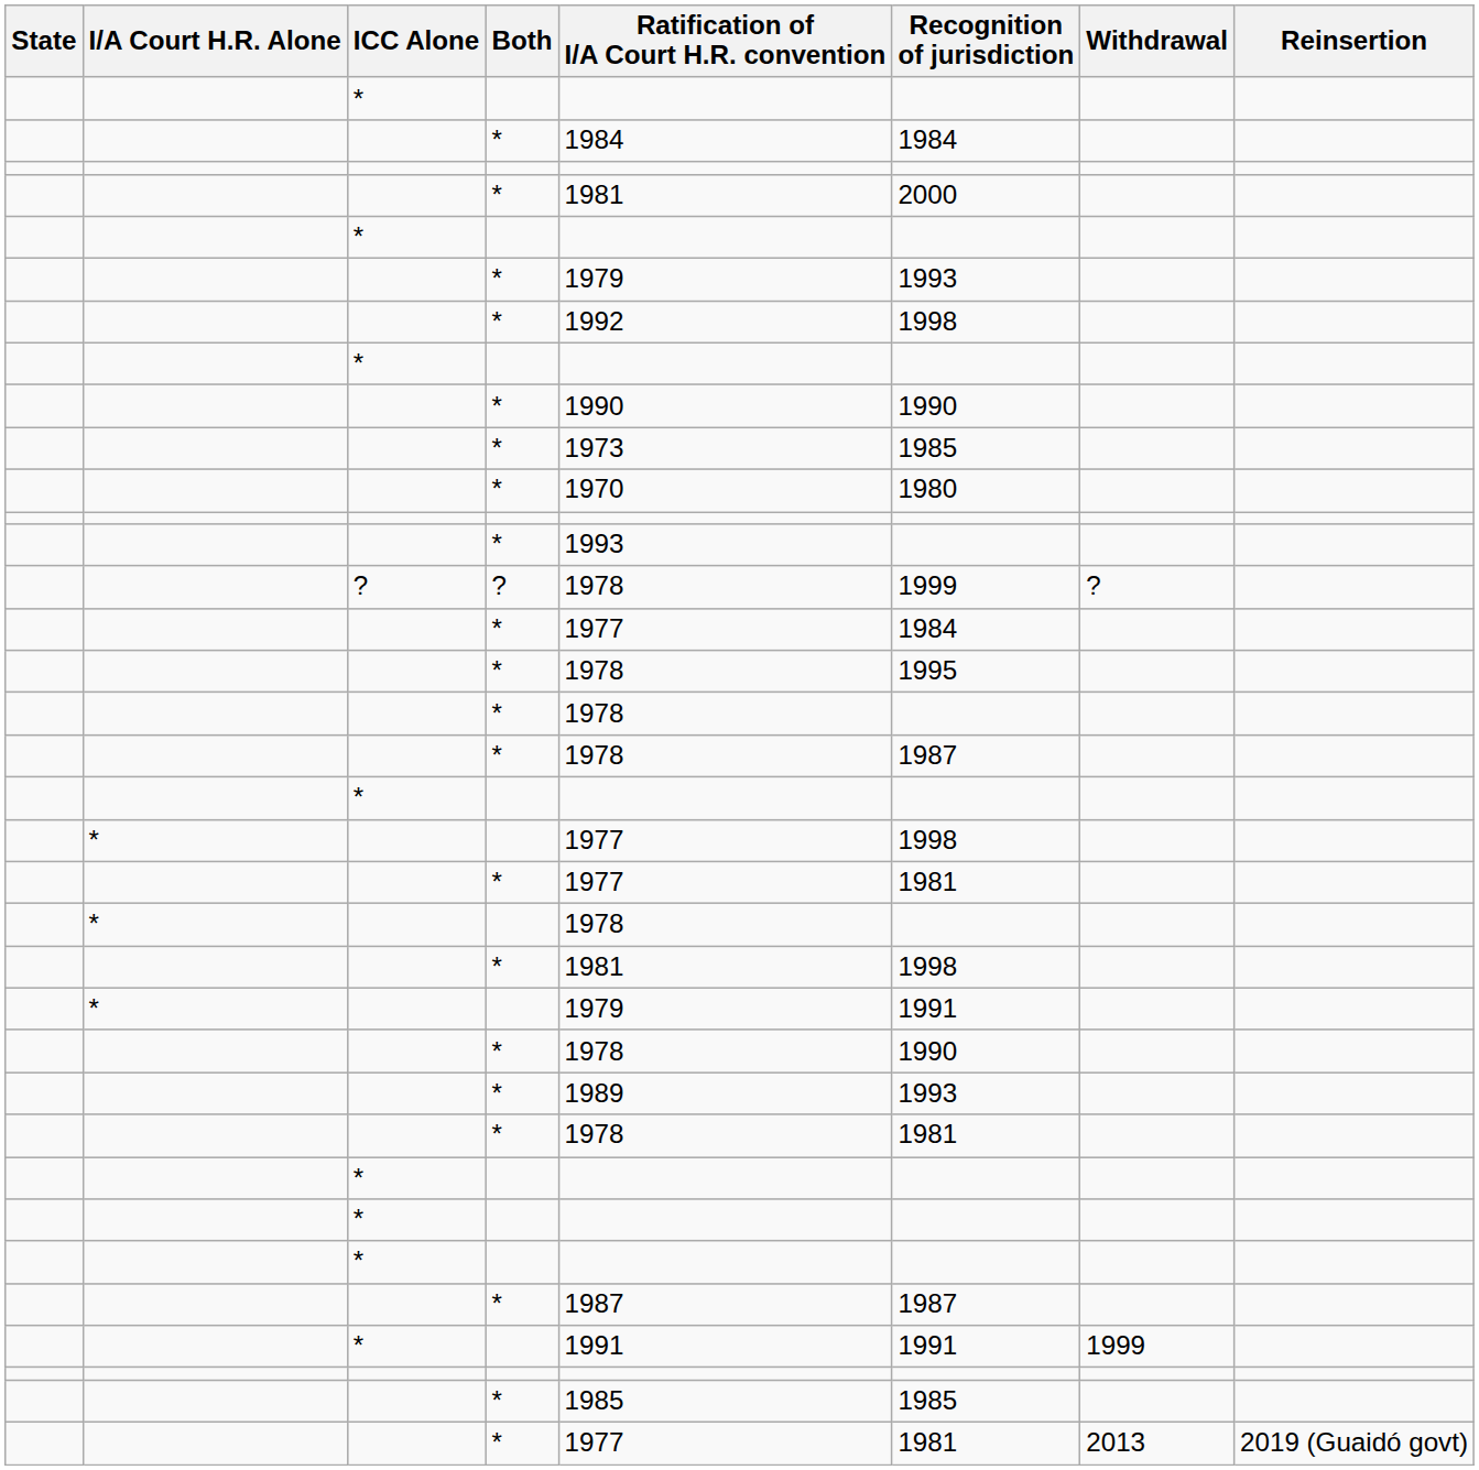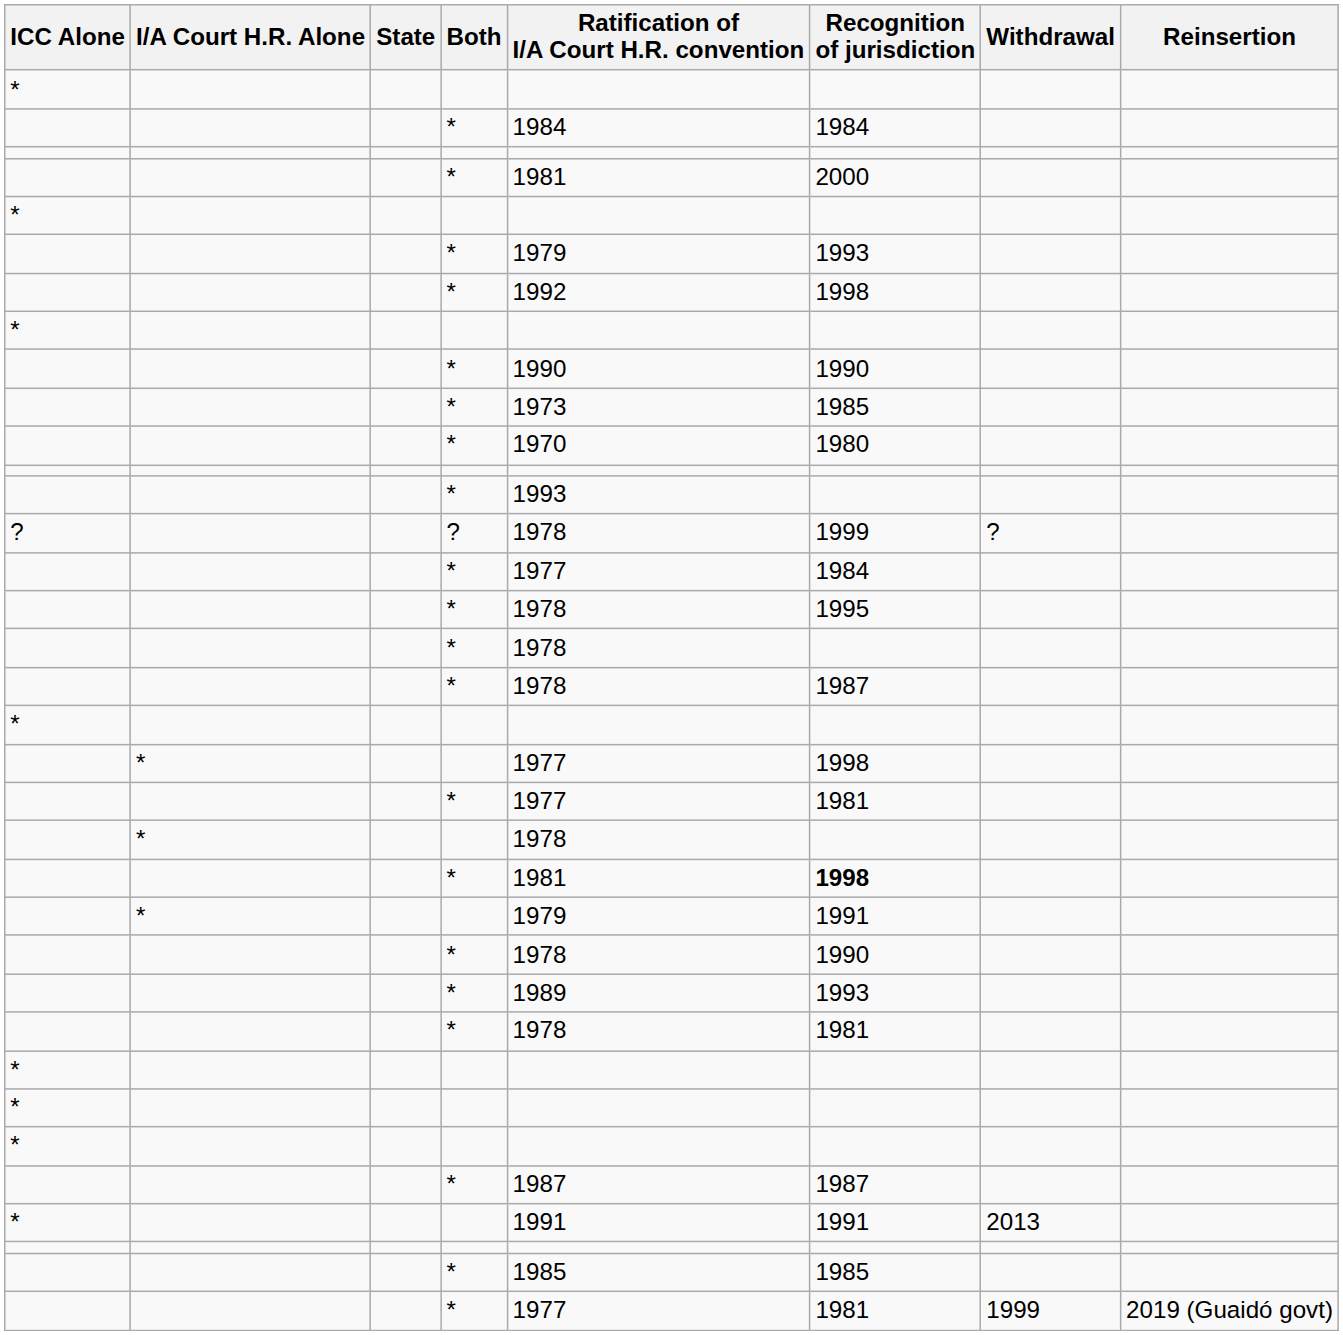 <table border="1" class="wikitable sortable">
 <tr>
+<th>ICC Alone</th>
+<th>I/A Court H.R. Alone</th>
 <th>State</th>
-<th>I/A Court H.R. Alone</th>
-<th>ICC Alone</th>
 <th>Both</th>
 <th>Ratification of<br>I/A Court H.R. convention</th>
 <th>Recognition<br>of jurisdiction</th>
 <th>Withdrawal</th>
 <th>Reinsertion</th>
 </tr>
 <tr>
+<td>*</td>
 <td></td>
 <td></td>
-<td>*</td>
 <td></td>
 <td></td>
 <td></td>
 <td></td>
 <td></td>
 </tr>
 <tr>
 <td></td>
 <td></td>
 <td></td>
 <td>*</td>
 <td>1984</td>
 <td>1984</td>
 <td></td>
 <td></td>
 </tr>
 <tr>
 <td></td>
 <td></td>
 <td></td>
 <td></td>
 <td></td>
 <td></td>
 <td></td>
 <td></td>
 </tr>
 <tr>
 <td></td>
 <td></td>
 <td></td>
 <td>*</td>
 <td>1981</td>
 <td>2000</td>
 <td></td>
 <td></td>
 </tr>
 <tr>
+<td>*</td>
 <td></td>
 <td></td>
-<td>*</td>
 <td></td>
 <td></td>
 <td></td>
 <td></td>
 <td></td>
 </tr>
 <tr>
 <td></td>
 <td></td>
 <td></td>
 <td>*</td>
 <td>1979</td>
 <td>1993</td>
 <td></td>
 <td></td>
 </tr>
 <tr>
 <td></td>
 <td></td>
 <td></td>
 <td>*</td>
 <td>1992</td>
 <td>1998</td>
 <td></td>
 <td></td>
 </tr>
 <tr>
+<td>*</td>
 <td></td>
 <td></td>
-<td>*</td>
 <td></td>
 <td></td>
 <td></td>
 <td></td>
 <td></td>
 </tr>
 <tr>
 <td></td>
 <td></td>
 <td></td>
 <td>*</td>
 <td>1990</td>
 <td>1990</td>
 <td></td>
 <td></td>
 </tr>
 <tr>
 <td></td>
 <td></td>
 <td></td>
 <td>*</td>
 <td>1973</td>
 <td>1985</td>
 <td></td>
 <td></td>
 </tr>
 <tr>
 <td></td>
 <td></td>
 <td></td>
 <td>*</td>
 <td>1970</td>
 <td>1980</td>
 <td></td>
 <td></td>
 </tr>
 <tr>
 <td></td>
 <td></td>
 <td></td>
 <td></td>
 <td></td>
 <td></td>
 <td></td>
 <td></td>
 </tr>
 <tr>
 <td></td>
 <td></td>
 <td></td>
 <td>*</td>
 <td>1993</td>
 <td></td>
 <td></td>
 <td></td>
 </tr>
 <tr>
+<td>?</td>
 <td></td>
 <td></td>
-<td>?</td>
 <td>?</td>
 <td>1978</td>
 <td>1999</td>
 <td>?</td>
 <td></td>
 </tr>
 <tr>
 <td></td>
 <td></td>
 <td></td>
 <td>*</td>
 <td>1977</td>
 <td>1984</td>
 <td></td>
 <td></td>
 </tr>
 <tr>
 <td></td>
 <td></td>
 <td></td>
 <td>*</td>
 <td>1978</td>
 <td>1995</td>
 <td></td>
 <td></td>
 </tr>
 <tr>
 <td></td>
 <td></td>
 <td></td>
 <td>*</td>
 <td>1978</td>
 <td></td>
 <td></td>
 <td></td>
 </tr>
 <tr>
 <td></td>
 <td></td>
 <td></td>
 <td>*</td>
 <td>1978</td>
 <td>1987</td>
 <td></td>
 <td></td>
 </tr>
 <tr>
+<td>*</td>
 <td></td>
 <td></td>
-<td>*</td>
 <td></td>
 <td></td>
 <td></td>
 <td></td>
 <td></td>
 </tr>
 <tr>
 <td></td>
 <td>*</td>
 <td></td>
 <td></td>
 <td>1977</td>
 <td>1998</td>
 <td></td>
 <td></td>
 </tr>
 <tr>
 <td></td>
 <td></td>
 <td></td>
 <td>*</td>
 <td>1977</td>
 <td>1981</td>
 <td></td>
 <td></td>
 </tr>
 <tr>
 <td></td>
 <td>*</td>
 <td></td>
 <td></td>
 <td>1978</td>
 <td></td>
 <td></td>
 <td></td>
 </tr>
 <tr>
 <td></td>
 <td></td>
 <td></td>
 <td>*</td>
 <td>1981</td>
-<td>1998</td>
+<td><strong>1998</strong></td>
 <td></td>
 <td></td>
 </tr>
 <tr>
 <td></td>
 <td>*</td>
 <td></td>
 <td></td>
 <td>1979</td>
 <td>1991</td>
 <td></td>
 <td></td>
 </tr>
 <tr>
 <td></td>
 <td></td>
 <td></td>
 <td>*</td>
 <td>1978</td>
 <td>1990</td>
 <td></td>
 <td></td>
 </tr>
 <tr>
 <td></td>
 <td></td>
 <td></td>
 <td>*</td>
 <td>1989</td>
 <td>1993</td>
 <td></td>
 <td></td>
 </tr>
 <tr>
 <td></td>
 <td></td>
 <td></td>
 <td>*</td>
 <td>1978</td>
 <td>1981</td>
 <td></td>
 <td></td>
 </tr>
 <tr>
+<td>*</td>
 <td></td>
 <td></td>
-<td>*</td>
 <td></td>
 <td></td>
 <td></td>
 <td></td>
 <td></td>
 </tr>
 <tr>
+<td>*</td>
 <td></td>
 <td></td>
-<td>*</td>
 <td></td>
 <td></td>
 <td></td>
 <td></td>
 <td></td>
 </tr>
 <tr>
+<td>*</td>
 <td></td>
 <td></td>
-<td>*</td>
 <td></td>
 <td></td>
 <td></td>
 <td></td>
 <td></td>
 </tr>
 <tr>
 <td></td>
 <td></td>
 <td></td>
 <td>*</td>
 <td>1987</td>
 <td>1987</td>
 <td></td>
 <td></td>
 </tr>
 <tr>
+<td>*</td>
 <td></td>
 <td></td>
-<td>*</td>
 <td></td>
 <td>1991</td>
 <td>1991</td>
-<td>1999</td>
+<td>2013</td>
 <td></td>
 </tr>
 <tr>
 <td></td>
 <td></td>
 <td></td>
 <td></td>
 <td></td>
 <td></td>
 <td></td>
 <td></td>
 </tr>
 <tr>
 <td></td>
 <td></td>
 <td></td>
 <td>*</td>
 <td>1985</td>
 <td>1985</td>
 <td></td>
 <td></td>
 </tr>
 <tr>
 <td></td>
 <td></td>
 <td></td>
 <td>*</td>
 <td>1977</td>
 <td>1981</td>
-<td>2013</td>
+<td>1999</td>
 <td>2019 (Guaidó govt)</td>
 </tr>
 </table>
